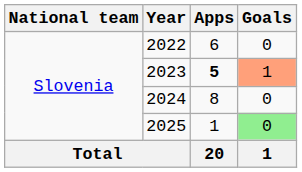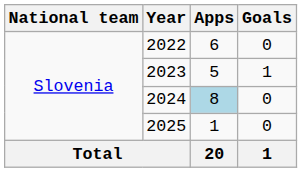 <table class="wikitable" style="text-align:center">
 <tr>
 <th>National team</th>
 <th>Year</th>
 <th>Apps</th>
 <th>Goals</th>
 </tr>
 <tr>
 <td rowspan="4"><a href='#'>Slovenia</a></td>
 <td>2022</td>
 <td>6</td>
 <td>0</td>
 </tr>
 <tr>
 <td>2023</td>
-<td><strong>5</strong></td>
-<td style="background: lightsalmon;">1</td>
+<td>5</td>
+<td>1</td>
 </tr>
 <tr>
 <td>2024</td>
-<td>8</td>
+<td style="background: lightblue;">8</td>
 <td>0</td>
 </tr>
 <tr>
 <td>2025</td>
 <td>1</td>
-<td style="background: lightgreen;">0</td>
+<td>0</td>
 </tr>
 <tr>
 <th colspan="2">Total</th>
 <th>20</th>
 <th>1</th>
 </tr>
 </table>
